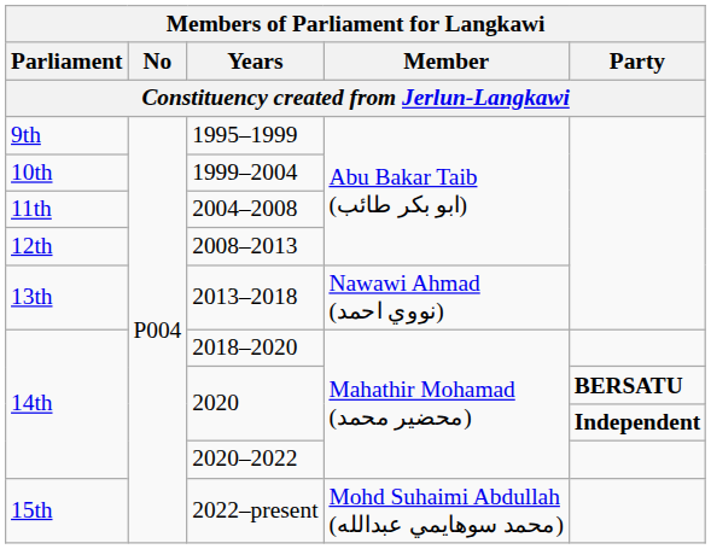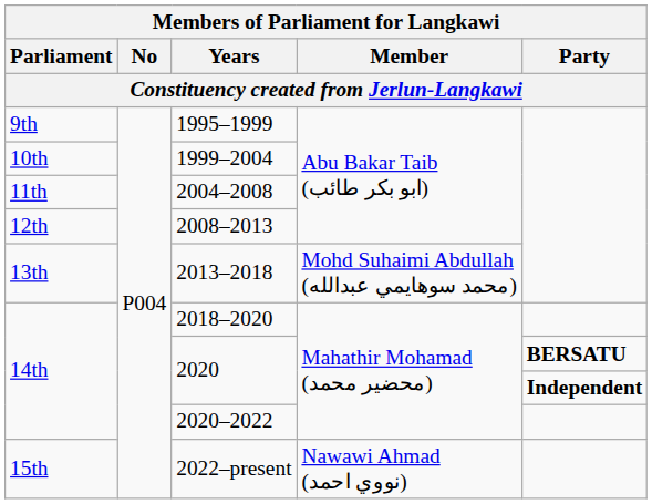 <table class=wikitable>
 <tr>
 <th colspan="5">Members of Parliament for Langkawi</th>
 </tr>
 <tr>
 <th>Parliament</th>
 <th>No</th>
 <th>Years</th>
 <th>Member</th>
 <th>Party</th>
 </tr>
 <tr>
 <th colspan="5" align="center"><em>Constituency created from <a href='#'>Jerlun-Langkawi</a></em></th>
 </tr>
 <tr>
 <td><a href='#'>9th</a></td>
 <td rowspan="10">P004</td>
 <td>1995–1999</td>
 <td rowspan=4><a href='#'>Abu Bakar Taib</a>  <br> (ابو بكر طائب)</td>
 <td rowspan="5"></td>
 </tr>
 <tr>
 <td><a href='#'>10th</a></td>
 <td>1999–2004</td>
 </tr>
 <tr>
 <td><a href='#'>11th</a></td>
 <td>2004–2008</td>
 </tr>
 <tr>
 <td><a href='#'>12th</a></td>
 <td>2008–2013</td>
 </tr>
 <tr>
 <td><a href='#'>13th</a></td>
 <td>2013–2018</td>
-<td><a href='#'>Nawawi Ahmad</a>  <br> (نووي احمد)</td>
+<td><a href='#'>Mohd Suhaimi Abdullah</a>  <br> (محمد سوهايمي عبدالله)</td>
 </tr>
 <tr>
 <td rowspan="4"><a href='#'>14th</a></td>
 <td>2018–2020</td>
 <td rowspan="4"><a href='#'>Mahathir Mohamad</a> <br>  (محضير محمد)</td>
 <td></td>
 </tr>
 <tr>
 <td rowspan="2">2020</td>
 <td><strong>BERSATU</strong></td>
 </tr>
 <tr>
 <td><strong>Independent</strong></td>
 </tr>
 <tr>
 <td>2020–2022</td>
 <td></td>
 </tr>
 <tr>
 <td><a href='#'>15th</a></td>
 <td>2022–present</td>
-<td><a href='#'>Mohd Suhaimi Abdullah</a>  <br> (محمد سوهايمي عبدالله)</td>
+<td><a href='#'>Nawawi Ahmad</a>  <br> (نووي احمد)</td>
 <td></td>
 </tr>
 </table>
